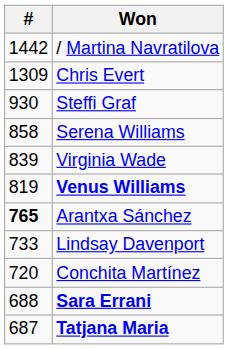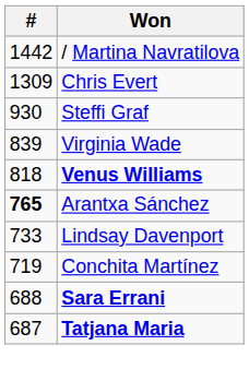 <table class=wikitable style=display:inline-table>
 <tr>
 <th>#</th>
 <th>Won</th>
 </tr>
 <tr>
 <td>1442</td>
 <td>/ <a href='#'>Martina Navratilova</a></td>
 </tr>
 <tr>
 <td>1309</td>
 <td> <a href='#'>Chris Evert</a></td>
 </tr>
 <tr>
 <td>930</td>
 <td> <a href='#'>Steffi Graf</a></td>
 </tr>
 <tr>
-<td>858</td>
-<td> <a href='#'>Serena Williams</a></td>
-</tr>
-<tr>
 <td>839</td>
 <td> <a href='#'>Virginia Wade</a></td>
 </tr>
 <tr>
-<td>819</td>
+<td>818</td>
 <td> <strong><a href='#'>Venus Williams</a></strong></td>
 </tr>
 <tr>
 <td><strong>765</strong></td>
 <td> <a href='#'>Arantxa Sánchez</a></td>
 </tr>
 <tr>
 <td>733</td>
 <td> <a href='#'>Lindsay Davenport</a></td>
 </tr>
 <tr>
-<td>720</td>
+<td>719</td>
 <td> <a href='#'>Conchita Martínez</a></td>
 </tr>
 <tr>
 <td>688</td>
 <td> <strong><a href='#'>Sara Errani</a></strong></td>
 </tr>
 <tr>
 <td>687</td>
 <td> <strong><a href='#'>Tatjana Maria</a></strong></td>
 </tr>
 </table>
